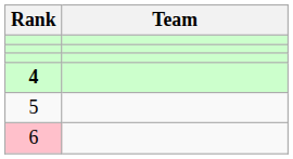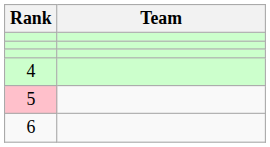 <table class="wikitable" style="text-align: center;">
 <tr>
 <th width=40>Rank</th>
 <th width=180>Team</th>
 </tr>
 <tr bgcolor=#CCFFCC>
 <td></td>
 <td style="text-align:left;"></td>
 </tr>
 <tr bgcolor=#CCFFCC>
 <td></td>
 <td style="text-align:left;"></td>
 </tr>
 <tr bgcolor=#CCFFCC>
 <td></td>
 <td style="text-align:left;"></td>
 </tr>
 <tr bgcolor=#CCFFCC>
-<td><strong>4</strong></td>
+<td>4</td>
 <td style="text-align:left;"></td>
 </tr>
 <tr align=center>
-<td>5</td>
+<td style="background: pink;">5</td>
 <td style="text-align:left;"></td>
 </tr>
 <tr align=center>
-<td style="background: pink;">6</td>
+<td>6</td>
 <td style="text-align:left;"></td>
 </tr>
 </table>
